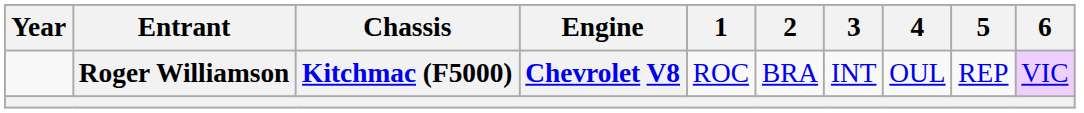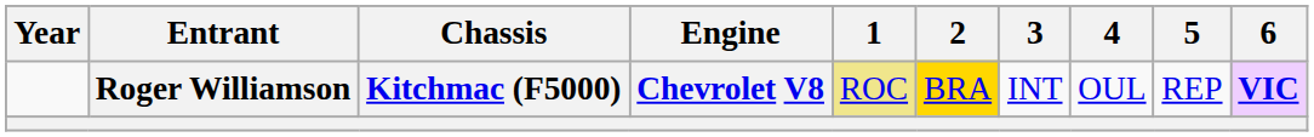 <table class="wikitable" style="text-align:center; font-size:90%">
 <tr>
 <th>Year</th>
 <th>Entrant</th>
 <th>Chassis</th>
 <th>Engine</th>
 <th>1</th>
 <th>2</th>
 <th>3</th>
 <th>4</th>
 <th>5</th>
 <th>6</th>
 </tr>
 <tr>
 <td></td>
 <th>Roger Williamson</th>
 <th><a href='#'>Kitchmac</a> (F5000)</th>
 <th><a href='#'>Chevrolet</a> <a href='#'>V8</a></th>
-<td><a href='#'>ROC</a></td>
-<td><a href='#'>BRA</a></td>
+<td style="background: khaki;"><a href='#'>ROC</a></td>
+<td style="background: gold;"><a href='#'>BRA</a></td>
 <td><a href='#'>INT</a></td>
 <td><a href='#'>OUL</a></td>
 <td><a href='#'>REP</a></td>
-<td style="background:#EFCFFF;"><a href='#'>VIC</a> <br></td>
+<td style="background:#EFCFFF;"><strong><a href='#'>VIC</a> <br></strong></td>
 </tr>
 <tr>
 <th colspan="10"></th>
 </tr>
 </table>
